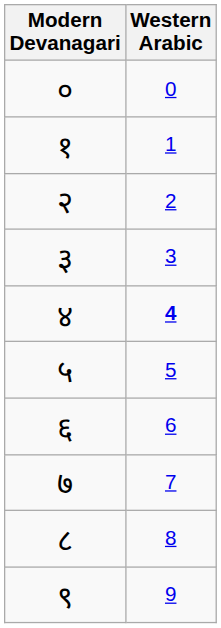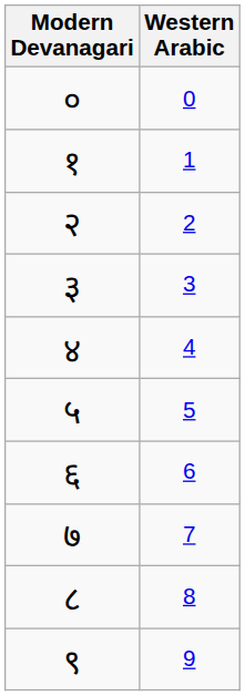 <table class=wikitable style="text-align:center;">
 <tr>
 <th>Modern<br>Devanagari</th>
 <th>Western<br>Arabic</th>
 </tr>
 <tr>
 <td style="font-size:150%">०</td>
 <td><a href='#'>0</a></td>
 </tr>
 <tr>
 <td style="font-size:150%">१</td>
 <td><a href='#'>1</a></td>
 </tr>
 <tr>
 <td style="font-size:150%">२</td>
 <td><a href='#'>2</a></td>
 </tr>
 <tr>
 <td style="font-size:150%">३</td>
 <td><a href='#'>3</a></td>
 </tr>
 <tr>
 <td style="font-size:150%">४</td>
-<td><strong><a href='#'>4</a></strong></td>
+<td><a href='#'>4</a></td>
 </tr>
 <tr>
 <td style="font-size:150%">५</td>
 <td><a href='#'>5</a></td>
 </tr>
 <tr>
 <td style="font-size:150%">६</td>
 <td><a href='#'>6</a></td>
 </tr>
 <tr>
 <td style="font-size:150%">७</td>
 <td><a href='#'>7</a></td>
 </tr>
 <tr>
 <td style="font-size:150%">८</td>
 <td><a href='#'>8</a></td>
 </tr>
 <tr>
 <td style="font-size:150%">९</td>
 <td><a href='#'>9</a></td>
 </tr>
 </table>
